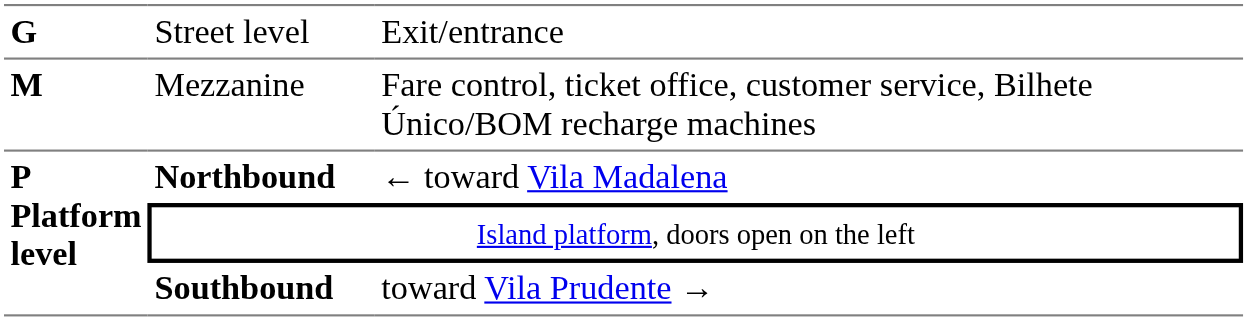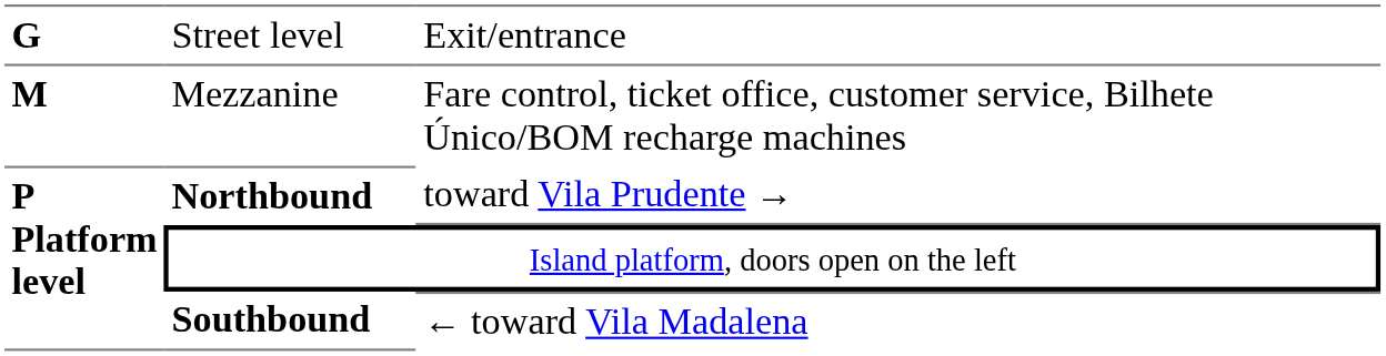 <table table border=0 cellspacing=0 cellpadding=3>
 <tr>
 <td style="border-top:solid 1px gray;vertical-align:top;" width=50><strong>G</strong></td>
 <td style="border-top:solid 1px gray;vertical-align:top;" width=100>Street level</td>
 <td style="border-top:solid 1px gray;vertical-align:top;" width=400>Exit/entrance</td>
 </tr>
 <tr>
 <td style="border-top:solid 1px gray;vertical-align:top;"><strong>M</strong></td>
 <td style="border-top:solid 1px gray;vertical-align:top;">Mezzanine</td>
 <td style="border-top:solid 1px gray;vertical-align:top;">Fare control, ticket office, customer service, Bilhete Único/BOM recharge machines</td>
 </tr>
 <tr>
 <td style="border-top:solid 1px gray;border-bottom:solid 1px gray;vertical-align:top;" rowspan=4><strong>P<br>Platform level</strong></td>
 </tr>
 <tr>
 <td style="border-top:solid 1px gray;"><span><strong>Northbound</strong></span></td>
-<td style="border-top:solid 1px gray;">←  toward <a href='#'>Vila Madalena</a></td>
+<td style="border-bottom:solid 1px gray;"> toward <a href='#'>Vila Prudente</a> →</td>
 </tr>
 <tr>
 <td style="border-top:solid 2px black;border-right:solid 2px black;border-left:solid 2px black;border-bottom:solid 2px black;text-align:center;" colspan=5><small><a href='#'>Island platform</a>, doors open on the left</small></td>
 </tr>
 <tr>
 <td style="border-bottom:solid 1px gray;"><span><strong>Southbound</strong></span></td>
-<td style="border-bottom:solid 1px gray;"> toward <a href='#'>Vila Prudente</a> →</td>
+<td style="border-top:solid 1px gray;">←  toward <a href='#'>Vila Madalena</a></td>
 </tr>
 </table>
